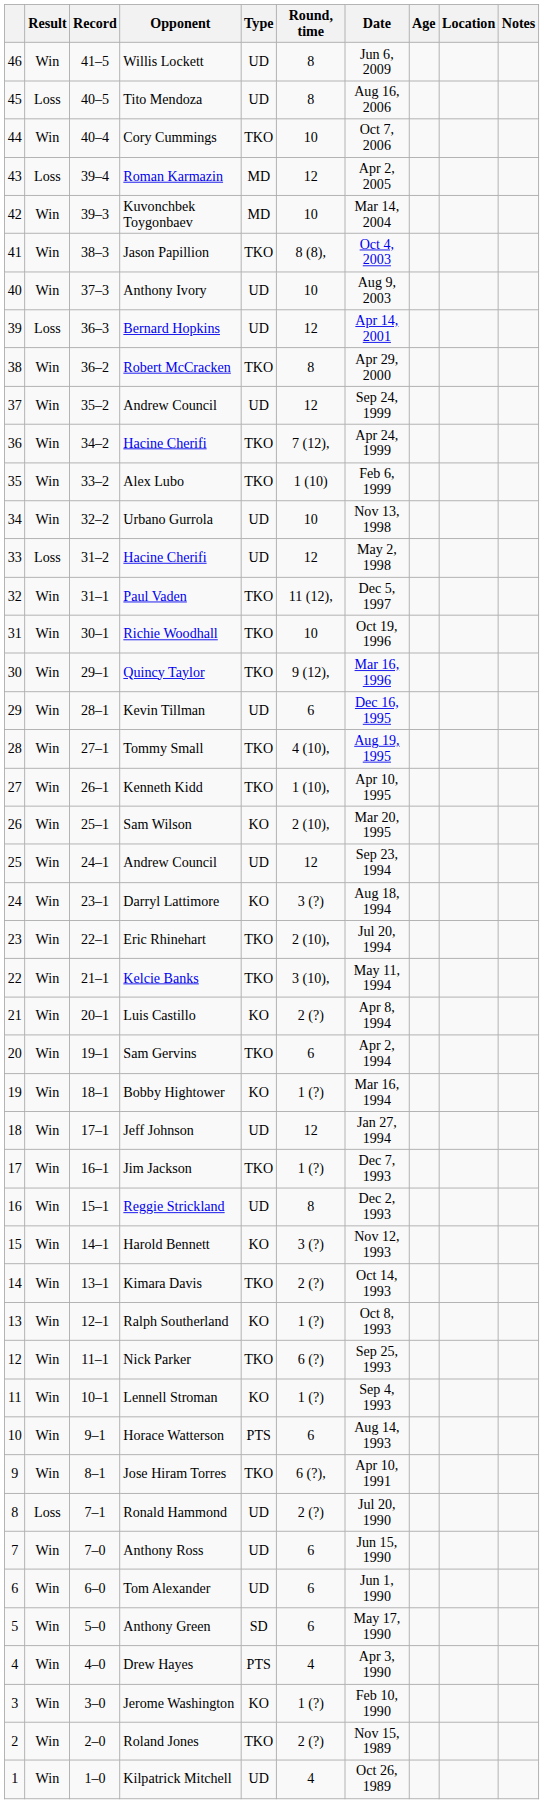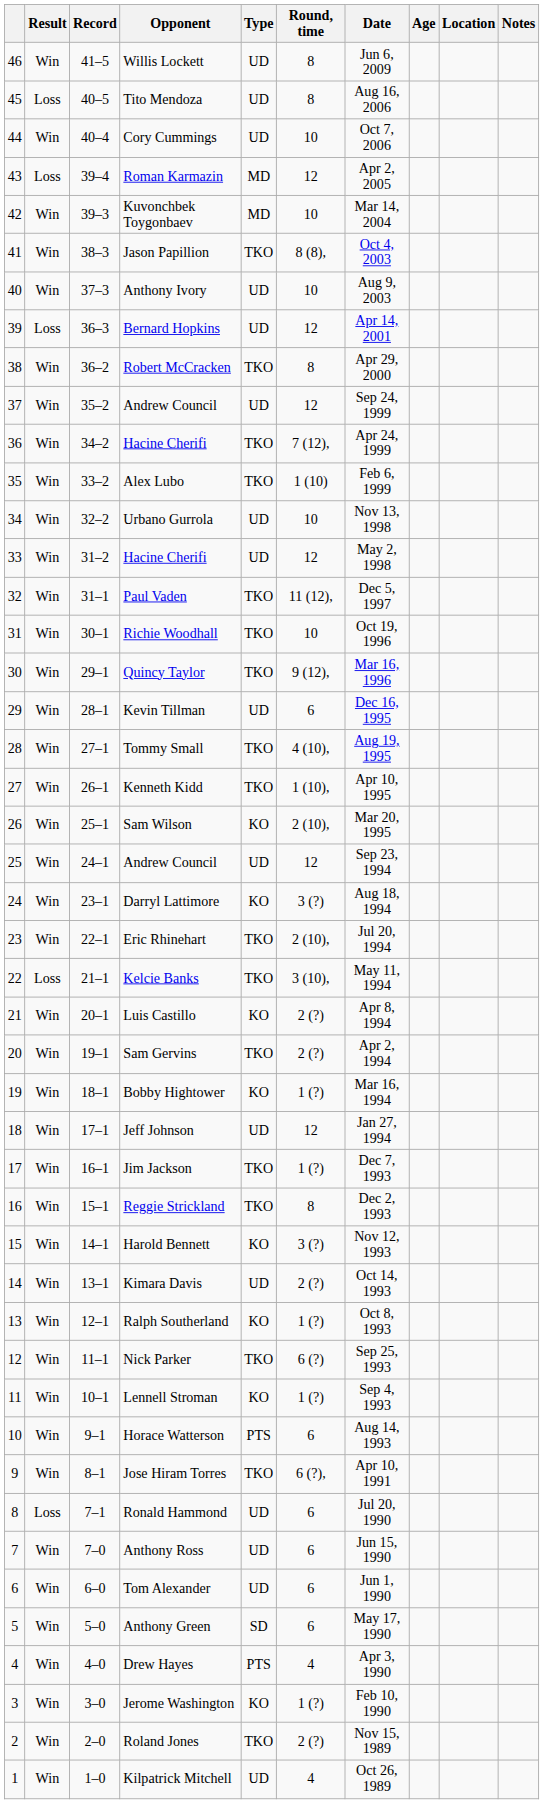 <table class="wikitable" style="text-align:center">
 <tr>
 <th></th>
 <th>Result</th>
 <th>Record</th>
 <th>Opponent</th>
 <th>Type</th>
 <th>Round, time</th>
 <th>Date</th>
 <th>Age</th>
 <th>Location</th>
 <th>Notes</th>
 </tr>
 <tr>
 <td>46</td>
 <td>Win</td>
 <td>41–5</td>
 <td align=left>Willis Lockett</td>
 <td>UD</td>
 <td>8</td>
 <td>Jun 6, 2009</td>
 <td align=left></td>
 <td align=left></td>
 <td align=left></td>
 </tr>
 <tr>
 <td>45</td>
 <td>Loss</td>
 <td>40–5</td>
 <td align=left>Tito Mendoza</td>
 <td>UD</td>
 <td>8</td>
 <td>Aug 16, 2006</td>
 <td align=left></td>
 <td align=left></td>
 <td align=left></td>
 </tr>
 <tr>
 <td>44</td>
 <td>Win</td>
 <td>40–4</td>
 <td align=left>Cory Cummings</td>
-<td>TKO</td>
+<td>UD</td>
 <td>10</td>
 <td>Oct 7, 2006</td>
 <td align=left></td>
 <td align=left></td>
 <td align=left></td>
 </tr>
 <tr>
 <td>43</td>
 <td>Loss</td>
 <td>39–4</td>
 <td align=left><a href='#'>Roman Karmazin</a></td>
 <td>MD</td>
 <td>12</td>
 <td>Apr 2, 2005</td>
 <td align=left></td>
 <td align=left></td>
 <td align=left></td>
 </tr>
 <tr>
 <td>42</td>
 <td>Win</td>
 <td>39–3</td>
 <td align=left>Kuvonchbek Toygonbaev</td>
 <td>MD</td>
 <td>10</td>
 <td>Mar 14, 2004</td>
 <td align=left></td>
 <td align=left></td>
 <td align=left></td>
 </tr>
 <tr>
 <td>41</td>
 <td>Win</td>
 <td>38–3</td>
 <td align=left>Jason Papillion</td>
 <td>TKO</td>
 <td>8 (8), </td>
 <td><a href='#'>Oct 4, 2003</a></td>
 <td align=left></td>
 <td align=left></td>
 <td align=left></td>
 </tr>
 <tr>
 <td>40</td>
 <td>Win</td>
 <td>37–3</td>
 <td align=left>Anthony Ivory</td>
 <td>UD</td>
 <td>10</td>
 <td>Aug 9, 2003</td>
 <td align=left></td>
 <td align=left></td>
 <td align=left></td>
 </tr>
 <tr>
 <td>39</td>
 <td>Loss</td>
 <td>36–3</td>
 <td align=left><a href='#'>Bernard Hopkins</a></td>
 <td>UD</td>
 <td>12</td>
 <td><a href='#'>Apr 14, 2001</a></td>
 <td align=left></td>
 <td align=left></td>
 <td align=left></td>
 </tr>
 <tr>
 <td>38</td>
 <td>Win</td>
 <td>36–2</td>
 <td align=left><a href='#'>Robert McCracken</a></td>
 <td>TKO</td>
 <td>8</td>
 <td>Apr 29, 2000</td>
 <td align=left></td>
 <td align=left></td>
 <td align=left></td>
 </tr>
 <tr>
 <td>37</td>
 <td>Win</td>
 <td>35–2</td>
 <td align=left>Andrew Council</td>
 <td>UD</td>
 <td>12</td>
 <td>Sep 24, 1999</td>
 <td align=left></td>
 <td align=left></td>
 <td align=left></td>
 </tr>
 <tr>
 <td>36</td>
 <td>Win</td>
 <td>34–2</td>
 <td align=left><a href='#'>Hacine Cherifi</a></td>
 <td>TKO</td>
 <td>7 (12), </td>
 <td>Apr 24, 1999</td>
 <td align=left></td>
 <td align=left></td>
 <td align=left></td>
 </tr>
 <tr>
 <td>35</td>
 <td>Win</td>
 <td>33–2</td>
 <td align=left>Alex Lubo</td>
 <td>TKO</td>
 <td>1 (10)</td>
 <td>Feb 6, 1999</td>
 <td align=left></td>
 <td align=left></td>
 <td align=left></td>
 </tr>
 <tr>
 <td>34</td>
 <td>Win</td>
 <td>32–2</td>
 <td align=left>Urbano Gurrola</td>
 <td>UD</td>
 <td>10</td>
 <td>Nov 13, 1998</td>
 <td align=left></td>
 <td align=left></td>
 <td align=left></td>
 </tr>
 <tr>
 <td>33</td>
-<td>Loss</td>
+<td>Win</td>
 <td>31–2</td>
 <td align=left><a href='#'>Hacine Cherifi</a></td>
 <td>UD</td>
 <td>12</td>
 <td>May 2, 1998</td>
 <td align=left></td>
 <td align=left></td>
 <td align=left></td>
 </tr>
 <tr>
 <td>32</td>
 <td>Win</td>
 <td>31–1</td>
 <td align=left><a href='#'>Paul Vaden</a></td>
 <td>TKO</td>
 <td>11 (12), </td>
 <td>Dec 5, 1997</td>
 <td align=left></td>
 <td align=left></td>
 <td align=left></td>
 </tr>
 <tr>
 <td>31</td>
 <td>Win</td>
 <td>30–1</td>
 <td align=left><a href='#'>Richie Woodhall</a></td>
 <td>TKO</td>
 <td>10</td>
 <td>Oct 19, 1996</td>
 <td align=left></td>
 <td align=left></td>
 <td align=left></td>
 </tr>
 <tr>
 <td>30</td>
 <td>Win</td>
 <td>29–1</td>
 <td align=left><a href='#'>Quincy Taylor</a></td>
 <td>TKO</td>
 <td>9 (12), </td>
 <td><a href='#'>Mar 16, 1996</a></td>
 <td align=left></td>
 <td align=left></td>
 <td align=left></td>
 </tr>
 <tr>
 <td>29</td>
 <td>Win</td>
 <td>28–1</td>
 <td align=left>Kevin Tillman</td>
 <td>UD</td>
 <td>6</td>
 <td><a href='#'>Dec 16, 1995</a></td>
 <td align=left></td>
 <td align=left></td>
 <td align=left></td>
 </tr>
 <tr>
 <td>28</td>
 <td>Win</td>
 <td>27–1</td>
 <td align=left>Tommy Small</td>
 <td>TKO</td>
 <td>4 (10), </td>
 <td><a href='#'>Aug 19, 1995</a></td>
 <td align=left></td>
 <td align=left></td>
 <td align=left></td>
 </tr>
 <tr>
 <td>27</td>
 <td>Win</td>
 <td>26–1</td>
 <td align=left>Kenneth Kidd</td>
 <td>TKO</td>
 <td>1 (10), </td>
 <td>Apr 10, 1995</td>
 <td align=left></td>
 <td align=left></td>
 <td align=left></td>
 </tr>
 <tr>
 <td>26</td>
 <td>Win</td>
 <td>25–1</td>
 <td align=left>Sam Wilson</td>
 <td>KO</td>
 <td>2 (10), </td>
 <td>Mar 20, 1995</td>
 <td align=left></td>
 <td align=left></td>
 <td align=left></td>
 </tr>
 <tr>
 <td>25</td>
 <td>Win</td>
 <td>24–1</td>
 <td align=left>Andrew Council</td>
 <td>UD</td>
 <td>12</td>
 <td>Sep 23, 1994</td>
 <td align=left></td>
 <td align=left></td>
 <td align=left></td>
 </tr>
 <tr>
 <td>24</td>
 <td>Win</td>
 <td>23–1</td>
 <td align=left>Darryl Lattimore</td>
 <td>KO</td>
 <td>3 (?)</td>
 <td>Aug 18, 1994</td>
 <td align=left></td>
 <td align=left></td>
 <td align=left></td>
 </tr>
 <tr>
 <td>23</td>
 <td>Win</td>
 <td>22–1</td>
 <td align=left>Eric Rhinehart</td>
 <td>TKO</td>
 <td>2 (10), </td>
 <td>Jul 20, 1994</td>
 <td align=left></td>
 <td align=left></td>
 <td align=left></td>
 </tr>
 <tr>
 <td>22</td>
-<td>Win</td>
+<td>Loss</td>
 <td>21–1</td>
 <td align=left><a href='#'>Kelcie Banks</a></td>
 <td>TKO</td>
 <td>3 (10), </td>
 <td>May 11, 1994</td>
 <td align=left></td>
 <td align=left></td>
 <td align=left></td>
 </tr>
 <tr>
 <td>21</td>
 <td>Win</td>
 <td>20–1</td>
 <td align=left>Luis Castillo</td>
 <td>KO</td>
 <td>2 (?)</td>
 <td>Apr 8, 1994</td>
 <td align=left></td>
 <td align=left></td>
 <td align=left></td>
 </tr>
 <tr>
 <td>20</td>
 <td>Win</td>
 <td>19–1</td>
 <td align=left>Sam Gervins</td>
 <td>TKO</td>
-<td>6</td>
+<td>2 (?)</td>
 <td>Apr 2, 1994</td>
 <td align=left></td>
 <td align=left></td>
 <td align=left></td>
 </tr>
 <tr>
 <td>19</td>
 <td>Win</td>
 <td>18–1</td>
 <td align=left>Bobby Hightower</td>
 <td>KO</td>
 <td>1 (?)</td>
 <td>Mar 16, 1994</td>
 <td align=left></td>
 <td align=left></td>
 <td align=left></td>
 </tr>
 <tr>
 <td>18</td>
 <td>Win</td>
 <td>17–1</td>
 <td align=left>Jeff Johnson</td>
 <td>UD</td>
 <td>12</td>
 <td>Jan 27, 1994</td>
 <td align=left></td>
 <td align=left></td>
 <td align=left></td>
 </tr>
 <tr>
 <td>17</td>
 <td>Win</td>
 <td>16–1</td>
 <td align=left>Jim Jackson</td>
 <td>TKO</td>
 <td>1 (?)</td>
 <td>Dec 7, 1993</td>
 <td align=left></td>
 <td align=left></td>
 <td align=left></td>
 </tr>
 <tr>
 <td>16</td>
 <td>Win</td>
 <td>15–1</td>
 <td align=left><a href='#'>Reggie Strickland</a></td>
-<td>UD</td>
+<td>TKO</td>
 <td>8</td>
 <td>Dec 2, 1993</td>
 <td align=left></td>
 <td align=left></td>
 <td align=left></td>
 </tr>
 <tr>
 <td>15</td>
 <td>Win</td>
 <td>14–1</td>
 <td align=left>Harold Bennett</td>
 <td>KO</td>
 <td>3 (?)</td>
 <td>Nov 12, 1993</td>
 <td align=left></td>
 <td align=left></td>
 <td align=left></td>
 </tr>
 <tr>
 <td>14</td>
 <td>Win</td>
 <td>13–1</td>
 <td align=left>Kimara Davis</td>
-<td>TKO</td>
+<td>UD</td>
 <td>2 (?)</td>
 <td>Oct 14, 1993</td>
 <td align=left></td>
 <td align=left></td>
 <td align=left></td>
 </tr>
 <tr>
 <td>13</td>
 <td>Win</td>
 <td>12–1</td>
 <td align=left>Ralph Southerland</td>
 <td>KO</td>
 <td>1 (?)</td>
 <td>Oct 8, 1993</td>
 <td align=left></td>
 <td align=left></td>
 <td align=left></td>
 </tr>
 <tr>
 <td>12</td>
 <td>Win</td>
 <td>11–1</td>
 <td align=left>Nick Parker</td>
 <td>TKO</td>
 <td>6 (?)</td>
 <td>Sep 25, 1993</td>
 <td align=left></td>
 <td align=left></td>
 <td align=left></td>
 </tr>
 <tr>
 <td>11</td>
 <td>Win</td>
 <td>10–1</td>
 <td align=left>Lennell Stroman</td>
 <td>KO</td>
 <td>1 (?)</td>
 <td>Sep 4, 1993</td>
 <td align=left></td>
 <td align=left></td>
 <td align=left></td>
 </tr>
 <tr>
 <td>10</td>
 <td>Win</td>
 <td>9–1</td>
 <td align=left>Horace Watterson</td>
 <td>PTS</td>
 <td>6</td>
 <td>Aug 14, 1993</td>
 <td align=left></td>
 <td align=left></td>
 <td align=left></td>
 </tr>
 <tr>
 <td>9</td>
 <td>Win</td>
 <td>8–1</td>
 <td align=left>Jose Hiram Torres</td>
 <td>TKO</td>
 <td>6 (?), </td>
 <td>Apr 10, 1991</td>
 <td align=left></td>
 <td align=left></td>
 <td align=left></td>
 </tr>
 <tr>
 <td>8</td>
 <td>Loss</td>
 <td>7–1</td>
 <td align=left>Ronald Hammond</td>
 <td>UD</td>
-<td>2 (?)</td>
+<td>6</td>
 <td>Jul 20, 1990</td>
 <td align=left></td>
 <td align=left></td>
 <td align=left></td>
 </tr>
 <tr>
 <td>7</td>
 <td>Win</td>
 <td>7–0</td>
 <td align=left>Anthony Ross</td>
 <td>UD</td>
 <td>6</td>
 <td>Jun 15, 1990</td>
 <td align=left></td>
 <td align=left></td>
 <td align=left></td>
 </tr>
 <tr>
 <td>6</td>
 <td>Win</td>
 <td>6–0</td>
 <td align=left>Tom Alexander</td>
 <td>UD</td>
 <td>6</td>
 <td>Jun 1, 1990</td>
 <td align=left></td>
 <td align=left></td>
 <td align=left></td>
 </tr>
 <tr>
 <td>5</td>
 <td>Win</td>
 <td>5–0</td>
 <td align=left>Anthony Green</td>
 <td>SD</td>
 <td>6</td>
 <td>May 17, 1990</td>
 <td align=left></td>
 <td align=left></td>
 <td align=left></td>
 </tr>
 <tr>
 <td>4</td>
 <td>Win</td>
 <td>4–0</td>
 <td align=left>Drew Hayes</td>
 <td>PTS</td>
 <td>4</td>
 <td>Apr 3, 1990</td>
 <td align=left></td>
 <td align=left></td>
 <td align=left></td>
 </tr>
 <tr>
 <td>3</td>
 <td>Win</td>
 <td>3–0</td>
 <td align=left>Jerome Washington</td>
 <td>KO</td>
 <td>1 (?)</td>
 <td>Feb 10, 1990</td>
 <td align=left></td>
 <td align=left></td>
 <td align=left></td>
 </tr>
 <tr>
 <td>2</td>
 <td>Win</td>
 <td>2–0</td>
 <td align=left>Roland Jones</td>
 <td>TKO</td>
 <td>2 (?)</td>
 <td>Nov 15, 1989</td>
 <td align=left></td>
 <td align=left></td>
 <td align=left></td>
 </tr>
 <tr>
 <td>1</td>
 <td>Win</td>
 <td>1–0</td>
 <td align=left>Kilpatrick Mitchell</td>
 <td>UD</td>
 <td>4</td>
 <td>Oct 26, 1989</td>
 <td align=left></td>
 <td align=left></td>
 <td align=left></td>
 </tr>
 </table>
